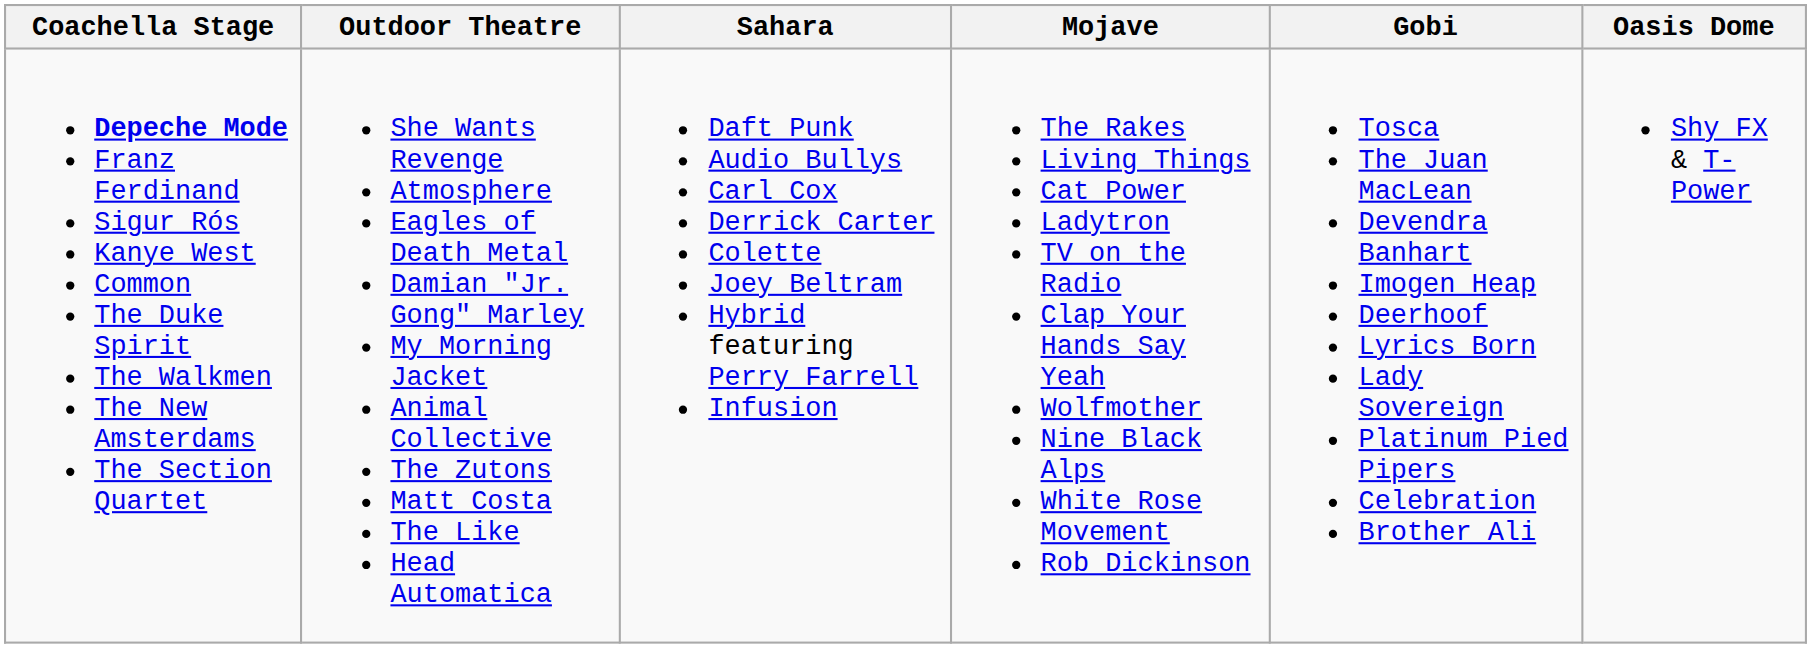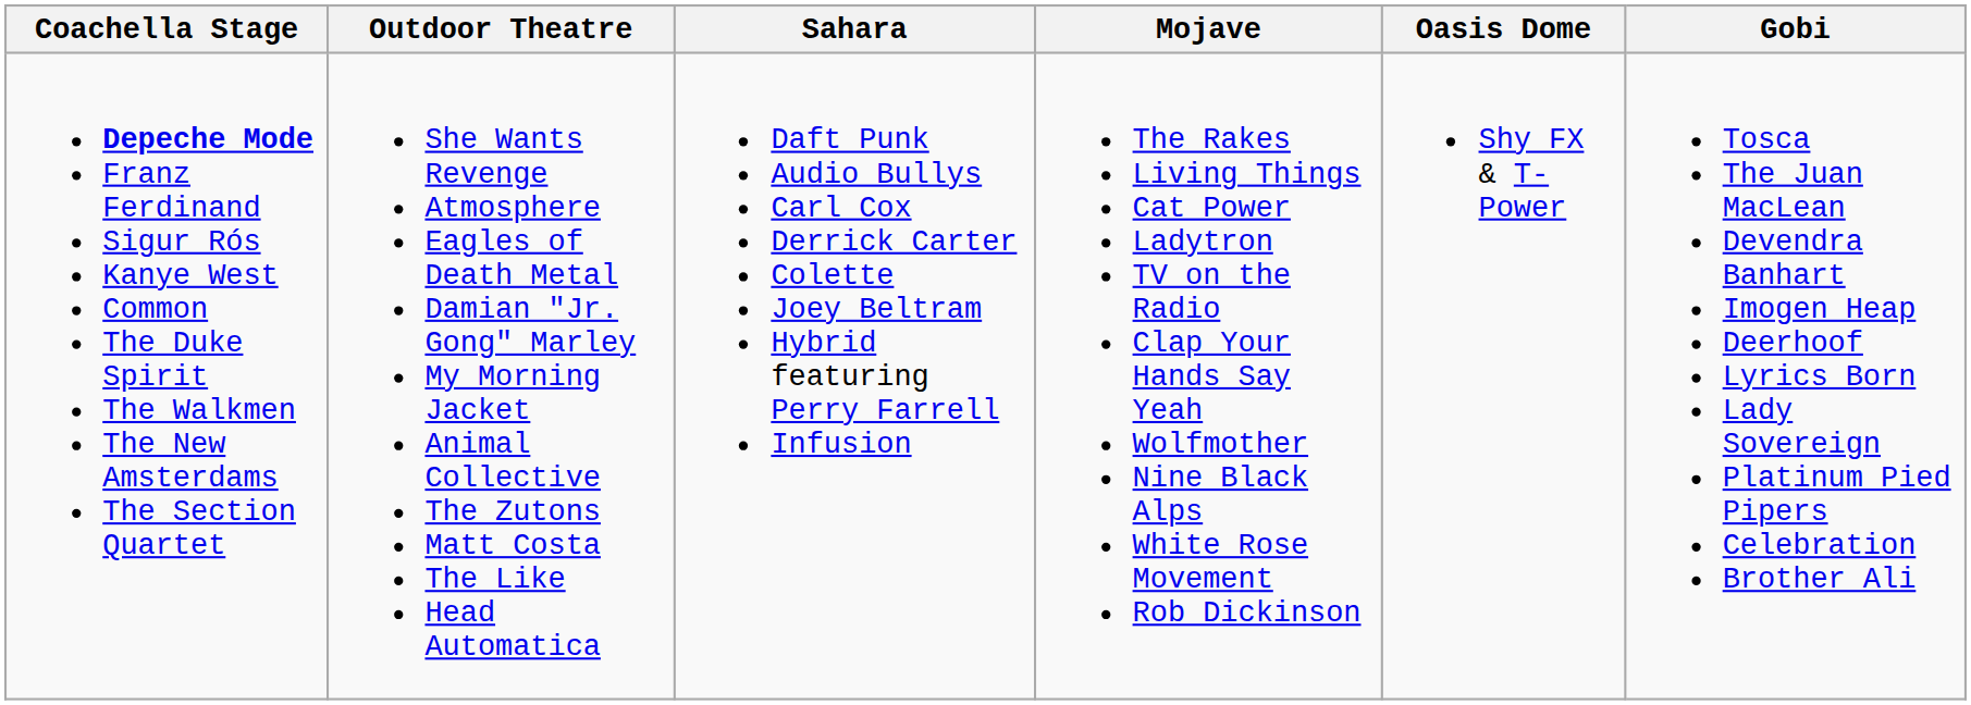 <table class="wikitable">
 <tr>
 <th>Coachella Stage</th>
 <th>Outdoor Theatre</th>
 <th>Sahara</th>
 <th>Mojave</th>
+<th>Oasis Dome</th>
 <th>Gobi</th>
-<th>Oasis Dome</th>
 </tr>
 <tr valign="top">
 <td><br><ul><li><strong><a href='#'>Depeche Mode</a></strong></li><li><a href='#'>Franz Ferdinand</a></li><li><a href='#'>Sigur Rós</a></li><li><a href='#'>Kanye West</a></li><li><a href='#'>Common</a></li><li><a href='#'>The Duke Spirit</a></li><li><a href='#'>The Walkmen</a></li><li><a href='#'>The New Amsterdams</a></li><li><a href='#'>The Section Quartet</a></li></ul></td>
 <td><br><ul><li><a href='#'>She Wants Revenge</a></li><li><a href='#'>Atmosphere</a></li><li><a href='#'>Eagles of Death Metal</a></li><li><a href='#'>Damian "Jr. Gong" Marley</a></li><li><a href='#'>My Morning Jacket</a></li><li><a href='#'>Animal Collective</a></li><li><a href='#'>The Zutons</a></li><li><a href='#'>Matt Costa</a></li><li><a href='#'>The Like</a></li><li><a href='#'>Head Automatica</a></li></ul></td>
 <td><br><ul><li><a href='#'>Daft Punk</a></li><li><a href='#'>Audio Bullys</a></li><li><a href='#'>Carl Cox</a></li><li><a href='#'>Derrick Carter</a></li><li><a href='#'>Colette</a></li><li><a href='#'>Joey Beltram</a></li><li><a href='#'>Hybrid</a> featuring <a href='#'>Perry Farrell</a></li><li><a href='#'>Infusion</a></li></ul></td>
 <td><br><ul><li><a href='#'>The Rakes</a></li><li><a href='#'>Living Things</a></li><li><a href='#'>Cat Power</a></li><li><a href='#'>Ladytron</a></li><li><a href='#'>TV on the Radio</a></li><li><a href='#'>Clap Your Hands Say Yeah</a></li><li><a href='#'>Wolfmother</a></li><li><a href='#'>Nine Black Alps</a></li><li><a href='#'>White Rose Movement</a></li><li><a href='#'>Rob Dickinson</a></li></ul></td>
+<td><br><ul><li><a href='#'>Shy FX</a> & <a href='#'>T-Power</a></li></ul></td>
 <td><br><ul><li><a href='#'>Tosca</a></li><li><a href='#'>The Juan MacLean</a></li><li><a href='#'>Devendra Banhart</a></li><li><a href='#'>Imogen Heap</a></li><li><a href='#'>Deerhoof</a></li><li><a href='#'>Lyrics Born</a></li><li><a href='#'>Lady Sovereign</a></li><li><a href='#'>Platinum Pied Pipers</a></li><li><a href='#'>Celebration</a></li><li><a href='#'>Brother Ali</a></li></ul></td>
-<td><br><ul><li><a href='#'>Shy FX</a> & <a href='#'>T-Power</a></li></ul></td>
 </tr>
 </table>
